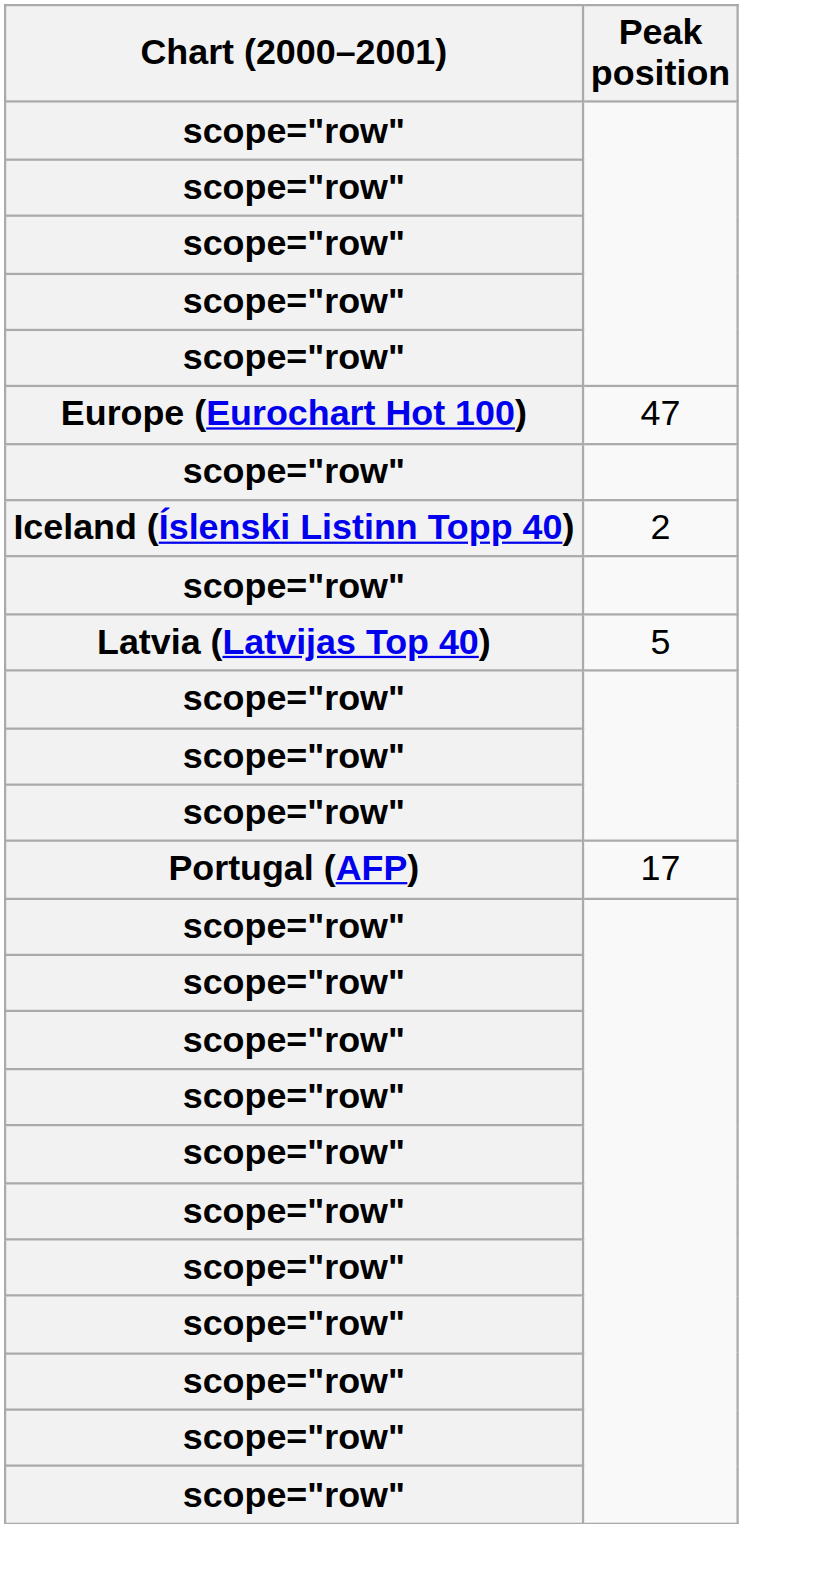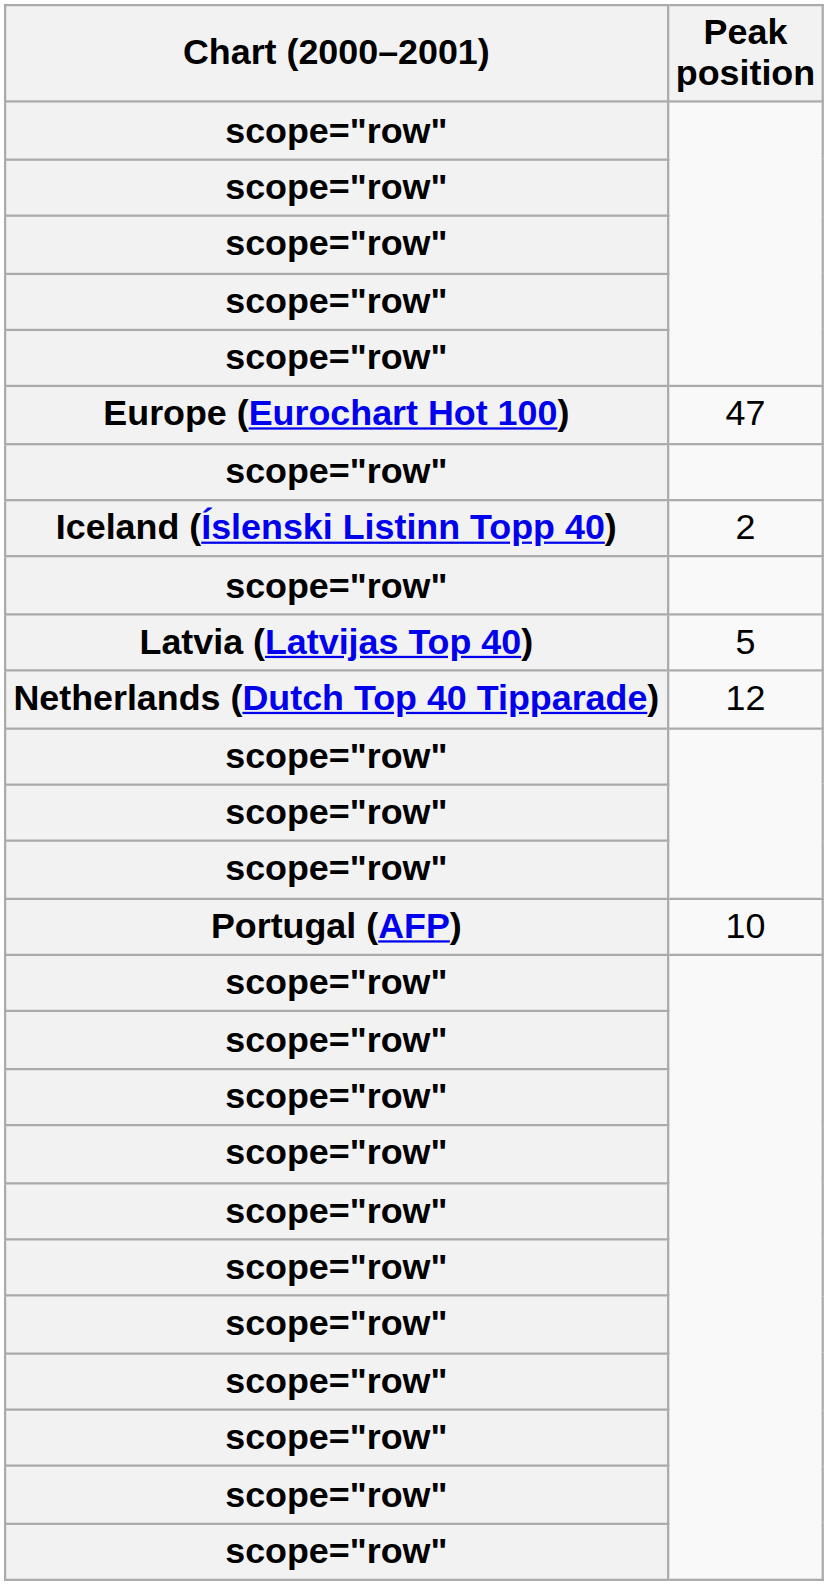 <table class="wikitable sortable plainrowheaders" style="text-align:center">
 <tr>
 <th>Chart (2000–2001)</th>
 <th>Peak<br>position</th>
 </tr>
 <tr>
 <th>scope="row" </th>
 </tr>
 <tr>
 <th>scope="row" </th>
 </tr>
 <tr>
 <th>scope="row" </th>
 </tr>
 <tr>
 <th>scope="row" </th>
 </tr>
 <tr>
 <th>scope="row" </th>
 </tr>
 <tr>
 <th scope="row">Europe (<a href='#'>Eurochart Hot 100</a>)</th>
 <td>47</td>
 </tr>
 <tr>
 <th>scope="row" </th>
 </tr>
 <tr>
 <th scope="row">Iceland (<a href='#'>Íslenski Listinn Topp 40</a>)</th>
 <td>2</td>
 </tr>
 <tr>
 <th>scope="row" </th>
 </tr>
 <tr>
 <th scope="row">Latvia (<a href='#'>Latvijas Top 40</a>)</th>
 <td>5</td>
 </tr>
 <tr>
+<th scope="row">Netherlands (<a href='#'>Dutch Top 40 Tipparade</a>)</th>
+<td>12</td>
+</tr>
+<tr>
 <th>scope="row" </th>
 </tr>
 <tr>
 <th>scope="row" </th>
 </tr>
 <tr>
 <th>scope="row" </th>
 </tr>
 <tr>
 <th scope="row">Portugal (<a href='#'>AFP</a>)</th>
-<td>17</td>
+<td>10</td>
 </tr>
 <tr>
 <th>scope="row" </th>
 </tr>
 <tr>
 <th>scope="row" </th>
 </tr>
 <tr>
 <th>scope="row" </th>
 </tr>
 <tr>
 <th>scope="row" </th>
 </tr>
 <tr>
 <th>scope="row" </th>
 </tr>
 <tr>
 <th>scope="row" </th>
 </tr>
 <tr>
 <th>scope="row" </th>
 </tr>
 <tr>
 <th>scope="row" </th>
 </tr>
 <tr>
 <th>scope="row" </th>
 </tr>
 <tr>
 <th>scope="row" </th>
 </tr>
 <tr>
 <th>scope="row" </th>
 </tr>
 </table>
